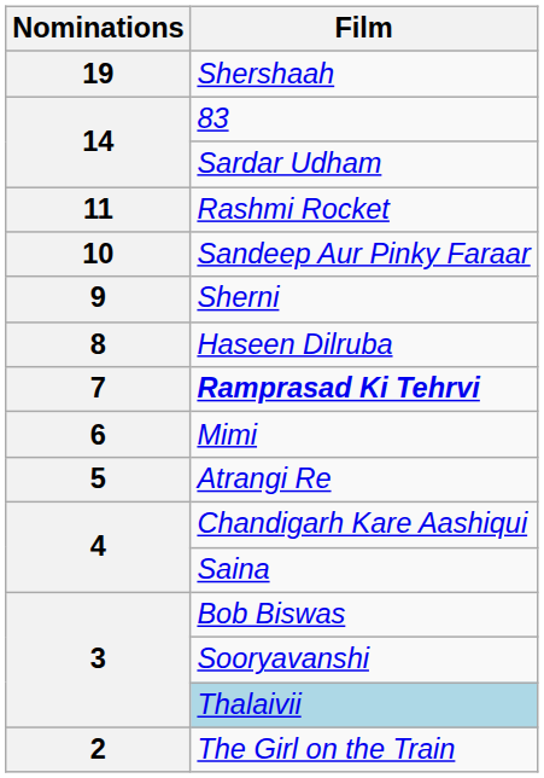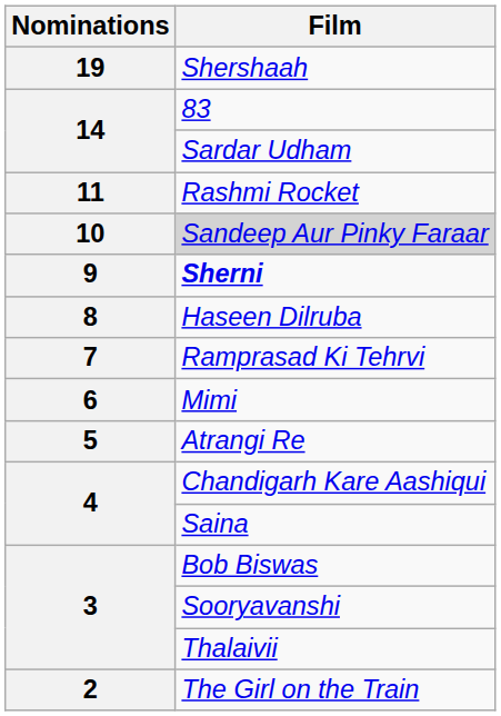 <table class="wikitable" style="display:inline-table;">
 <tr>
 <th>Nominations</th>
 <th>Film</th>
 </tr>
 <tr>
 <th>19</th>
 <td><em><a href='#'>Shershaah</a></em></td>
 </tr>
 <tr>
 <th rowspan="2">14</th>
 <td><em><a href='#'>83</a></em></td>
 </tr>
 <tr>
 <td><em><a href='#'>Sardar Udham</a></em></td>
 </tr>
 <tr>
 <th>11</th>
 <td><em><a href='#'>Rashmi Rocket</a></em></td>
 </tr>
 <tr>
 <th>10</th>
-<td><em><a href='#'>Sandeep Aur Pinky Faraar</a></em></td>
+<td style="background: lightgrey;"><em><a href='#'>Sandeep Aur Pinky Faraar</a></em></td>
 </tr>
 <tr>
 <th>9</th>
-<td><em><a href='#'>Sherni</a></em></td>
+<td><strong><em><a href='#'>Sherni</a></em></strong></td>
 </tr>
 <tr>
 <th>8</th>
 <td><em><a href='#'>Haseen Dilruba</a></em></td>
 </tr>
 <tr>
 <th>7</th>
-<td><strong><em><a href='#'>Ramprasad Ki Tehrvi</a></em></strong></td>
+<td><em><a href='#'>Ramprasad Ki Tehrvi</a></em></td>
 </tr>
 <tr>
 <th>6</th>
 <td><em><a href='#'>Mimi</a></em></td>
 </tr>
 <tr>
 <th>5</th>
 <td><em><a href='#'>Atrangi Re</a></em></td>
 </tr>
 <tr>
 <th rowspan="2">4</th>
 <td><em><a href='#'>Chandigarh Kare Aashiqui</a></em></td>
 </tr>
 <tr>
 <td><em><a href='#'>Saina</a></em></td>
 </tr>
 <tr>
 <th rowspan="3">3</th>
 <td><em><a href='#'>Bob Biswas</a></em></td>
 </tr>
 <tr>
 <td><em><a href='#'>Sooryavanshi</a></em></td>
 </tr>
 <tr>
-<td style="background: lightblue;"><em><a href='#'>Thalaivii</a></em></td>
+<td><em><a href='#'>Thalaivii</a></em></td>
 </tr>
 <tr>
 <th>2</th>
 <td><em><a href='#'>The Girl on the Train</a></em></td>
 </tr>
 </table>
